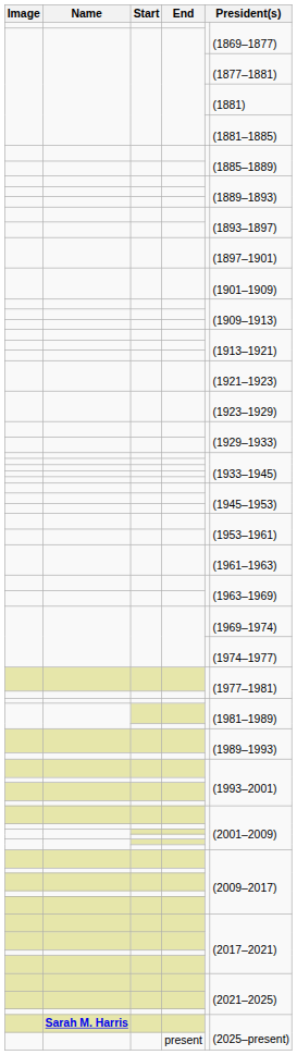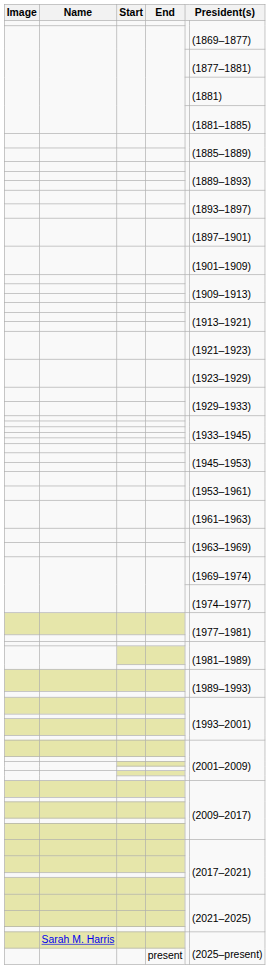 <table class="wikitable sortable">
 <tr>
 <th class=unsortable>Image</th>
 <th>Name</th>
 <th>Start</th>
 <th>End</th>
 <th colspan=2>President(s)</th>
 </tr>
 <tr>
 <td></td>
 <td></td>
 <td></td>
 <td></td>
 <td rowspan=2 style="background: "></td>
 <td rowspan=2><br>(1869–1877)</td>
 </tr>
 <tr>
 <td rowspan=5></td>
 <td rowspan=5></td>
 <td rowspan=5></td>
 <td rowspan=5></td>
 </tr>
 <tr>
 <td style="background: "></td>
 <td><br>(1877–1881)</td>
 </tr>
 <tr>
 <td style="background: "></td>
 <td><br>(1881)</td>
 </tr>
 <tr>
 <td style="background: "></td>
 <td><br>(1881–1885)</td>
 </tr>
 <tr>
 <td rowspan=3 style="background: "></td>
 <td rowspan=3><br>(1885–1889)</td>
 </tr>
 <tr>
 <td></td>
 <td></td>
 <td></td>
 <td></td>
 </tr>
 <tr>
 <td></td>
 <td></td>
 <td></td>
 <td></td>
 </tr>
 <tr>
 <td></td>
 <td></td>
 <td></td>
 <td></td>
 <td rowspan=3 style="background: "></td>
 <td rowspan=3><br>(1889–1893)</td>
 </tr>
 <tr>
 <td></td>
 <td></td>
 <td></td>
 <td></td>
 </tr>
 <tr>
 <td></td>
 <td></td>
 <td></td>
 <td></td>
 </tr>
 <tr>
 <td></td>
 <td></td>
 <td></td>
 <td></td>
 <td rowspan=2 style="background: "></td>
 <td rowspan=2><br>(1893–1897)</td>
 </tr>
 <tr>
 <td></td>
 <td></td>
 <td></td>
 <td></td>
 </tr>
 <tr>
 <td></td>
 <td></td>
 <td></td>
 <td></td>
 <td style="background: "></td>
 <td><br>(1897–1901)</td>
 </tr>
 <tr>
 <td></td>
 <td></td>
 <td></td>
 <td></td>
 <td style="background: "></td>
 <td><br>(1901–1909)</td>
 </tr>
 <tr>
 <td></td>
 <td></td>
 <td></td>
 <td></td>
 <td rowspan=3 style="background: "></td>
 <td rowspan=3><br>(1909–1913)</td>
 </tr>
 <tr>
 <td></td>
 <td></td>
 <td></td>
 <td></td>
 </tr>
 <tr>
 <td></td>
 <td></td>
 <td></td>
 <td></td>
 </tr>
 <tr>
 <td></td>
 <td></td>
 <td></td>
 <td></td>
 <td rowspan=3 style="background: "></td>
 <td rowspan=3><br>(1913–1921)</td>
 </tr>
 <tr>
 <td></td>
 <td></td>
 <td></td>
 <td></td>
 </tr>
 <tr>
 <td></td>
 <td></td>
 <td></td>
 <td></td>
 </tr>
 <tr>
 <td></td>
 <td></td>
 <td></td>
 <td></td>
 <td style="background: "></td>
 <td><br>(1921–1923)</td>
 </tr>
 <tr>
 <td></td>
 <td></td>
 <td></td>
 <td></td>
 <td style="background: "></td>
 <td><br>(1923–1929)</td>
 </tr>
 <tr>
 <td></td>
 <td></td>
 <td></td>
 <td></td>
 <td rowspan=2 style="background: "></td>
 <td rowspan=2><br>(1929–1933)</td>
 </tr>
 <tr>
 <td></td>
 <td></td>
 <td></td>
 <td></td>
 </tr>
 <tr>
 <td></td>
 <td></td>
 <td></td>
 <td></td>
 <td rowspan=5 style="background: "></td>
 <td rowspan=5><br>(1933–1945)</td>
 </tr>
 <tr>
 <td></td>
 <td></td>
 <td></td>
 <td></td>
 </tr>
 <tr>
 <td></td>
 <td></td>
 <td></td>
 <td></td>
 </tr>
 <tr>
 <td></td>
 <td></td>
 <td></td>
 <td></td>
 </tr>
 <tr>
 <td></td>
 <td></td>
 <td></td>
 <td></td>
 </tr>
 <tr>
 <td></td>
 <td></td>
 <td></td>
 <td></td>
 <td rowspan=3 style="background: "></td>
 <td rowspan=3><br>(1945–1953)</td>
 </tr>
 <tr>
 <td></td>
 <td></td>
 <td></td>
 <td></td>
 </tr>
 <tr>
 <td></td>
 <td></td>
 <td></td>
 <td></td>
 </tr>
 <tr>
 <td></td>
 <td></td>
 <td></td>
 <td></td>
 <td rowspan=2 style="background: "></td>
 <td rowspan=2><br>(1953–1961)</td>
 </tr>
 <tr>
 <td></td>
 <td></td>
 <td></td>
 <td></td>
 </tr>
 <tr>
 <td></td>
 <td></td>
 <td></td>
 <td></td>
 <td style="background: "></td>
 <td><br>(1961–1963)</td>
 </tr>
 <tr>
 <td></td>
 <td></td>
 <td></td>
 <td></td>
 <td rowspan=2 style="background: "></td>
 <td rowspan=2><br>(1963–1969)</td>
 </tr>
 <tr>
 <td></td>
 <td></td>
 <td></td>
 <td></td>
 </tr>
 <tr>
 <td rowspan=2></td>
 <td rowspan=2></td>
 <td rowspan=2></td>
 <td rowspan=2></td>
 <td style="background: "></td>
 <td><br>(1969–1974)</td>
 </tr>
 <tr>
 <td style="background: "></td>
 <td><br>(1974–1977)</td>
 </tr>
 <tr>
 <td style="background-color:#E6E6AA;"></td>
 <td style="background-color:#E6E6AA;"><br></td>
 <td style="background-color:#E6E6AA;"></td>
 <td style="background-color:#E6E6AA;"></td>
 <td rowspan=2 style="background: "></td>
 <td rowspan=2><br>(1977–1981)</td>
 </tr>
 <tr>
 <td></td>
 <td></td>
 <td></td>
 <td></td>
 </tr>
 <tr>
 <td></td>
 <td></td>
 <td></td>
 <td></td>
 <td rowspan=3 style="background: "></td>
 <td rowspan=3><br>(1981–1989)</td>
 </tr>
 <tr>
 <td rowspan=2></td>
 <td rowspan=2></td>
 <td style="background-color:#E6E6AA;"></td>
 <td style="background-color:#E6E6AA;"></td>
 </tr>
 <tr>
 <td></td>
 <td></td>
 </tr>
 <tr>
 <td style="background-color:#E6E6AA;"></td>
 <td style="background-color:#E6E6AA;"><br></td>
 <td style="background-color:#E6E6AA;"></td>
 <td style="background-color:#E6E6AA;"></td>
 <td rowspan=2 style="background: "></td>
 <td rowspan=2><br>(1989–1993)</td>
 </tr>
 <tr>
 <td></td>
 <td></td>
 <td></td>
 <td></td>
 </tr>
 <tr>
 <td style="background-color:#E6E6AA;"></td>
 <td style="background-color:#E6E6AA;"><br></td>
 <td style="background-color:#E6E6AA;"></td>
 <td style="background-color:#E6E6AA;"></td>
 <td rowspan=4 style="background: "></td>
 <td rowspan=4><br>(1993–2001)</td>
 </tr>
 <tr>
 <td></td>
 <td></td>
 <td></td>
 <td></td>
 </tr>
 <tr bgcolor="#e6e6aa">
 <td></td>
 <td><br></td>
 <td></td>
 <td></td>
 </tr>
 <tr>
 <td></td>
 <td></td>
 <td></td>
 <td></td>
 </tr>
 <tr>
 <td style="background-color:#E6E6AA;"></td>
 <td style="background-color:#E6E6AA;"><br></td>
 <td style="background-color:#E6E6AA;"></td>
 <td style="background-color:#E6E6AA;"></td>
 <td rowspan=6 style="background: "></td>
 <td rowspan=6><br>(2001–2009)</td>
 </tr>
 <tr>
 <td></td>
 <td></td>
 <td></td>
 <td></td>
 </tr>
 <tr>
 <td rowspan=2></td>
 <td rowspan=2></td>
 <td style="background-color:#E6E6AA;"></td>
 <td style="background-color:#E6E6AA;"></td>
 </tr>
 <tr>
 <td></td>
 <td></td>
 </tr>
 <tr>
 <td rowspan=2></td>
 <td rowspan=2></td>
 <td style="background-color:#E6E6AA;"></td>
 <td style="background-color:#E6E6AA;"></td>
 </tr>
 <tr>
 <td></td>
 <td></td>
 </tr>
 <tr>
 <td style="background-color:#E6E6AA;"></td>
 <td style="background-color:#E6E6AA;"><br></td>
 <td style="background-color:#E6E6AA;"></td>
 <td style="background-color:#E6E6AA;"></td>
 <td rowspan=5 style="background: "></td>
 <td rowspan=5><br>(2009–2017)</td>
 </tr>
 <tr>
 <td></td>
 <td></td>
 <td></td>
 <td></td>
 </tr>
 <tr bgcolor="#e6e6aa">
 <td></td>
 <td><br></td>
 <td></td>
 <td></td>
 </tr>
 <tr>
 <td></td>
 <td></td>
 <td></td>
 <td></td>
 </tr>
 <tr bgcolor="#e6e6aa">
 <td></td>
 <td><br></td>
 <td></td>
 <td></td>
 </tr>
 <tr>
 <td style="background-color:#E6E6AA;"></td>
 <td style="background-color:#E6E6AA;"><br></td>
 <td style="background-color:#E6E6AA;"></td>
 <td style="background-color:#E6E6AA;"></td>
 <td rowspan=4 style="background: "></td>
 <td rowspan=4><br>(2017–2021)</td>
 </tr>
 <tr bgcolor="#e6e6aa">
 <td></td>
 <td><br></td>
 <td></td>
 <td></td>
 </tr>
 <tr>
 <td></td>
 <td></td>
 <td></td>
 <td></td>
 </tr>
 <tr bgcolor="#e6e6aa">
 <td></td>
 <td><br></td>
 <td></td>
 <td></td>
 </tr>
 <tr>
 <td style="background-color:#E6E6AA;"></td>
 <td style="background-color:#E6E6AA;"><br></td>
 <td style="background-color:#E6E6AA;"></td>
 <td style="background-color:#E6E6AA;"></td>
 <td rowspan=3 style="background: "></td>
 <td rowspan=3><br>(2021–2025)</td>
 </tr>
 <tr bgcolor="#e6e6aa">
 <td></td>
 <td><br></td>
 <td></td>
 <td></td>
 </tr>
 <tr>
 <td></td>
 <td></td>
 <td></td>
 <td></td>
 </tr>
 <tr>
 <td style="background-color:#E6E6AA;"></td>
-<td style="background-color:#E6E6AA;"><strong><a href='#'>Sarah M. Harris</a><br></strong></td>
+<td style="background-color:#E6E6AA;"><a href='#'>Sarah M. Harris</a><br></td>
 <td style="background-color:#E6E6AA;"></td>
 <td style="background-color:#E6E6AA;"></td>
 <td rowspan=2 style="background: "></td>
 <td rowspan=2><br>(2025–present)</td>
 </tr>
 <tr>
 <td></td>
 <td></td>
 <td></td>
 <td>present</td>
 </tr>
 </table>
